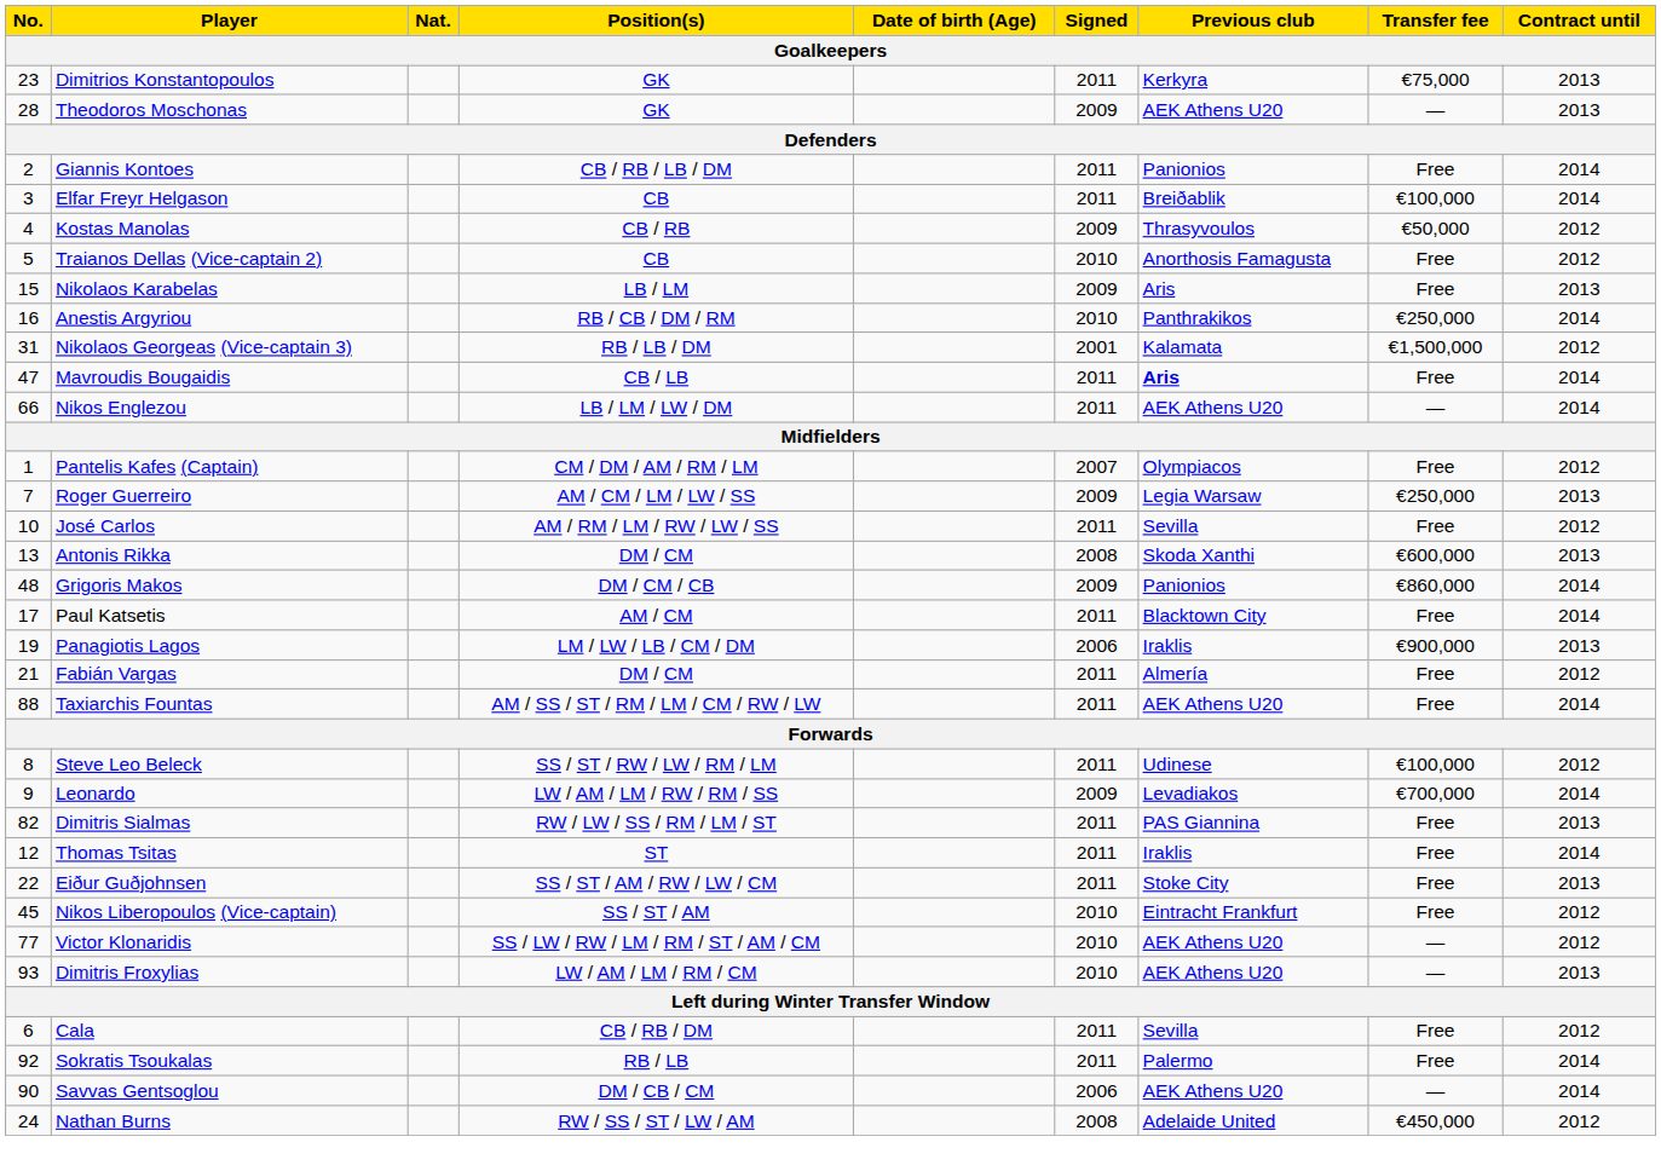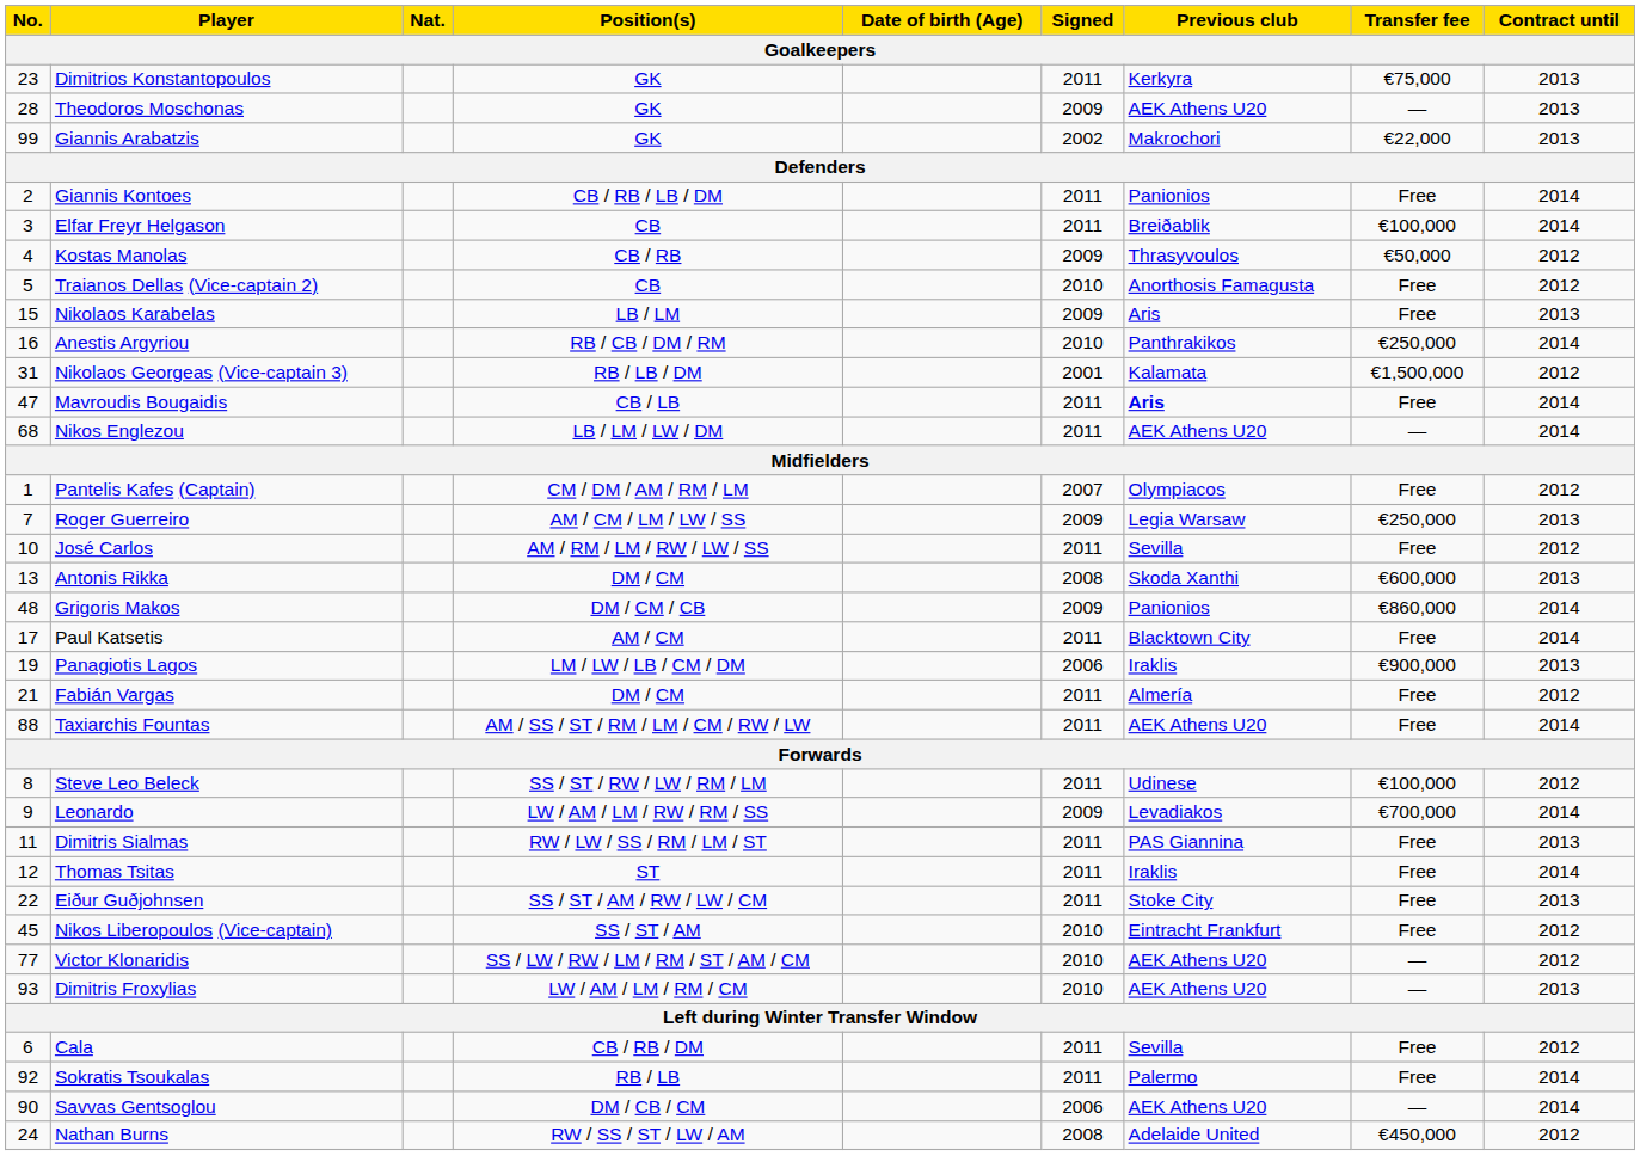 <table class="wikitable" style="text-align:center; font-size:90%; width:100%">
 <tr>
 <th style="background:#FFDE00">No.</th>
 <th style="background:#FFDE00">Player</th>
 <th style="background:#FFDE00">Nat.</th>
 <th style="background:#FFDE00">Position(s)</th>
 <th style="background:#FFDE00">Date of birth (Age)</th>
 <th style="background:#FFDE00">Signed</th>
 <th style="background:#FFDE00">Previous club</th>
 <th style="background:#FFDE00">Transfer fee</th>
 <th style="background:#FFDE00">Contract until</th>
 </tr>
 <tr>
 <th colspan="9">Goalkeepers</th>
 </tr>
 <tr>
 <td>23</td>
 <td align=left><a href='#'>Dimitrios Konstantopoulos</a></td>
 <td></td>
 <td><a href='#'>GK</a></td>
 <td></td>
 <td>2011</td>
 <td align=left> <a href='#'>Kerkyra</a></td>
 <td>€75,000</td>
 <td>2013</td>
 </tr>
 <tr>
 <td>28</td>
 <td align=left><a href='#'>Theodoros Moschonas</a></td>
 <td></td>
 <td><a href='#'>GK</a></td>
 <td></td>
 <td>2009</td>
 <td align=left> <a href='#'>AEK Athens U20</a></td>
 <td>—</td>
+<td>2013</td>
+</tr>
+<tr>
+<td>99</td>
+<td align=left><a href='#'>Giannis Arabatzis</a></td>
+<td></td>
+<td><a href='#'>GK</a></td>
+<td></td>
+<td>2002</td>
+<td align=left> <a href='#'>Makrochori</a></td>
+<td>€22,000</td>
 <td>2013</td>
 </tr>
 <tr>
 <th colspan="9">Defenders</th>
 </tr>
 <tr>
 <td>2</td>
 <td align=left><a href='#'>Giannis Kontoes</a></td>
 <td></td>
 <td><a href='#'>CB</a> / <a href='#'>RB</a> / <a href='#'>LB</a> / <a href='#'>DM</a></td>
 <td></td>
 <td>2011</td>
 <td align=left> <a href='#'>Panionios</a></td>
 <td>Free</td>
 <td>2014</td>
 </tr>
 <tr>
 <td>3</td>
 <td align=left><a href='#'>Elfar Freyr Helgason</a></td>
 <td></td>
 <td><a href='#'>CB</a></td>
 <td></td>
 <td>2011</td>
 <td align=left> <a href='#'>Breiðablik</a></td>
 <td>€100,000</td>
 <td>2014</td>
 </tr>
 <tr>
 <td>4</td>
 <td align=left><a href='#'>Kostas Manolas</a></td>
 <td></td>
 <td><a href='#'>CB</a> / <a href='#'>RB</a></td>
 <td></td>
 <td>2009</td>
 <td align=left> <a href='#'>Thrasyvoulos</a></td>
 <td>€50,000</td>
 <td>2012</td>
 </tr>
 <tr>
 <td>5</td>
 <td align=left><a href='#'>Traianos Dellas</a> <a href='#'>(Vice-captain 2)</a></td>
 <td></td>
 <td><a href='#'>CB</a></td>
 <td></td>
 <td>2010</td>
 <td align=left> <a href='#'>Anorthosis Famagusta</a></td>
 <td>Free</td>
 <td>2012</td>
 </tr>
 <tr>
 <td>15</td>
 <td align=left><a href='#'>Nikolaos Karabelas</a></td>
 <td></td>
 <td><a href='#'>LB</a> / <a href='#'>LM</a></td>
 <td></td>
 <td>2009</td>
 <td align=left> <a href='#'>Aris</a></td>
 <td>Free</td>
 <td>2013</td>
 </tr>
 <tr>
 <td>16</td>
 <td align=left><a href='#'>Anestis Argyriou</a></td>
 <td></td>
 <td><a href='#'>RB</a> / <a href='#'>CB</a> / <a href='#'>DM</a> / <a href='#'>RM</a></td>
 <td></td>
 <td>2010</td>
 <td align=left> <a href='#'>Panthrakikos</a></td>
 <td>€250,000</td>
 <td>2014</td>
 </tr>
 <tr>
 <td>31</td>
 <td align=left><a href='#'>Nikolaos Georgeas</a> <a href='#'>(Vice-captain 3)</a></td>
 <td></td>
 <td><a href='#'>RB</a> / <a href='#'>LB</a> / <a href='#'>DM</a></td>
 <td></td>
 <td>2001</td>
 <td align=left> <a href='#'>Kalamata</a></td>
 <td>€1,500,000</td>
 <td>2012</td>
 </tr>
 <tr>
 <td>47</td>
 <td align=left><a href='#'>Mavroudis Bougaidis</a></td>
 <td></td>
 <td><a href='#'>CB</a> / <a href='#'>LB</a></td>
 <td></td>
 <td>2011</td>
 <td align=left><strong> <a href='#'>Aris</a></strong></td>
 <td>Free</td>
 <td>2014</td>
 </tr>
 <tr>
-<td>66</td>
+<td>68</td>
 <td align=left><a href='#'>Nikos Englezou</a></td>
 <td></td>
 <td><a href='#'>LB</a> / <a href='#'>LM</a> / <a href='#'>LW</a> / <a href='#'>DM</a></td>
 <td></td>
 <td>2011</td>
 <td align=left> <a href='#'>AEK Athens U20</a></td>
 <td>—</td>
 <td>2014</td>
 </tr>
 <tr>
 <th colspan="9">Midfielders</th>
 </tr>
 <tr>
 <td>1</td>
 <td align=left><a href='#'>Pantelis Kafes</a> <a href='#'>(Captain)</a></td>
 <td></td>
 <td><a href='#'>CM</a> / <a href='#'>DM</a> / <a href='#'>AM</a> / <a href='#'>RM</a> / <a href='#'>LM</a></td>
 <td></td>
 <td>2007</td>
 <td align=left> <a href='#'>Olympiacos</a></td>
 <td>Free</td>
 <td>2012</td>
 </tr>
 <tr>
 <td>7</td>
 <td align=left><a href='#'>Roger Guerreiro</a></td>
 <td></td>
 <td><a href='#'>AM</a> / <a href='#'>CM</a> / <a href='#'>LM</a> / <a href='#'>LW</a> / <a href='#'>SS</a></td>
 <td></td>
 <td>2009</td>
 <td align=left> <a href='#'>Legia Warsaw</a></td>
 <td>€250,000</td>
 <td>2013</td>
 </tr>
 <tr>
 <td>10</td>
 <td align=left><a href='#'>José Carlos</a></td>
 <td></td>
 <td><a href='#'>AM</a> / <a href='#'>RM</a> / <a href='#'>LM</a> / <a href='#'>RW</a> / <a href='#'>LW</a> / <a href='#'>SS</a></td>
 <td></td>
 <td>2011</td>
 <td align=left> <a href='#'>Sevilla</a></td>
 <td>Free</td>
 <td>2012</td>
 </tr>
 <tr>
 <td>13</td>
 <td align=left><a href='#'>Antonis Rikka</a></td>
 <td></td>
 <td><a href='#'>DM</a> / <a href='#'>CM</a></td>
 <td></td>
 <td>2008</td>
 <td align=left> <a href='#'>Skoda Xanthi</a></td>
 <td>€600,000</td>
 <td>2013</td>
 </tr>
 <tr>
 <td>48</td>
 <td align=left><a href='#'>Grigoris Makos</a></td>
 <td></td>
 <td><a href='#'>DM</a> / <a href='#'>CM</a> / <a href='#'>CB</a></td>
 <td></td>
 <td>2009</td>
 <td align=left> <a href='#'>Panionios</a></td>
 <td>€860,000</td>
 <td>2014</td>
 </tr>
 <tr>
 <td>17</td>
 <td align=left>Paul Katsetis</td>
 <td></td>
 <td><a href='#'>AM</a> / <a href='#'>CM</a></td>
 <td></td>
 <td>2011</td>
 <td align=left> <a href='#'>Blacktown City</a></td>
 <td>Free</td>
 <td>2014</td>
 </tr>
 <tr>
 <td>19</td>
 <td align=left><a href='#'>Panagiotis Lagos</a></td>
 <td></td>
 <td><a href='#'>LM</a> / <a href='#'>LW</a> / <a href='#'>LB</a> / <a href='#'>CM</a> / <a href='#'>DM</a></td>
 <td></td>
 <td>2006</td>
 <td align=left> <a href='#'>Iraklis</a></td>
 <td>€900,000</td>
 <td>2013</td>
 </tr>
 <tr>
 <td>21</td>
 <td align=left><a href='#'>Fabián Vargas</a></td>
 <td></td>
 <td><a href='#'>DM</a> / <a href='#'>CM</a></td>
 <td></td>
 <td>2011</td>
 <td align=left> <a href='#'>Almería</a></td>
 <td>Free</td>
 <td>2012</td>
 </tr>
 <tr>
 <td>88</td>
 <td align=left><a href='#'>Taxiarchis Fountas</a></td>
 <td></td>
 <td><a href='#'>AM</a> / <a href='#'>SS</a> / <a href='#'>ST</a> / <a href='#'>RM</a> / <a href='#'>LM</a> / <a href='#'>CM</a> / <a href='#'>RW</a> / <a href='#'>LW</a></td>
 <td></td>
 <td>2011</td>
 <td align=left> <a href='#'>AEK Athens U20</a></td>
 <td>Free</td>
 <td>2014</td>
 </tr>
 <tr>
 <th colspan="9">Forwards</th>
 </tr>
 <tr>
 <td>8</td>
 <td align=left><a href='#'>Steve Leo Beleck</a></td>
 <td></td>
 <td><a href='#'>SS</a> / <a href='#'>ST</a> / <a href='#'>RW</a> / <a href='#'>LW</a> / <a href='#'>RM</a> / <a href='#'>LM</a></td>
 <td></td>
 <td>2011</td>
 <td align=left> <a href='#'>Udinese</a></td>
 <td>€100,000</td>
 <td>2012</td>
 </tr>
 <tr>
 <td>9</td>
 <td align=left><a href='#'>Leonardo</a></td>
 <td></td>
 <td><a href='#'>LW</a> / <a href='#'>AM</a> / <a href='#'>LM</a> / <a href='#'>RW</a> / <a href='#'>RM</a> / <a href='#'>SS</a></td>
 <td></td>
 <td>2009</td>
 <td align=left> <a href='#'>Levadiakos</a></td>
 <td>€700,000</td>
 <td>2014</td>
 </tr>
 <tr>
-<td>82</td>
+<td>11</td>
 <td align=left><a href='#'>Dimitris Sialmas</a></td>
 <td></td>
 <td><a href='#'>RW</a> / <a href='#'>LW</a> / <a href='#'>SS</a> / <a href='#'>RM</a> / <a href='#'>LM</a> / <a href='#'>ST</a></td>
 <td></td>
 <td>2011</td>
 <td align=left> <a href='#'>PAS Giannina</a></td>
 <td>Free</td>
 <td>2013</td>
 </tr>
 <tr>
 <td>12</td>
 <td align=left><a href='#'>Thomas Tsitas</a></td>
 <td></td>
 <td><a href='#'>ST</a></td>
 <td></td>
 <td>2011</td>
 <td align=left> <a href='#'>Iraklis</a></td>
 <td>Free</td>
 <td>2014</td>
 </tr>
 <tr>
 <td>22</td>
 <td align=left><a href='#'>Eiður Guðjohnsen</a></td>
 <td></td>
 <td><a href='#'>SS</a> / <a href='#'>ST</a> / <a href='#'>AM</a> / <a href='#'>RW</a> / <a href='#'>LW</a> / <a href='#'>CM</a></td>
 <td></td>
 <td>2011</td>
 <td align=left> <a href='#'>Stoke City</a></td>
 <td>Free</td>
 <td>2013</td>
 </tr>
 <tr>
 <td>45</td>
 <td align=left><a href='#'>Nikos Liberopoulos</a> <a href='#'>(Vice-captain)</a></td>
 <td></td>
 <td><a href='#'>SS</a> / <a href='#'>ST</a> / <a href='#'>AM</a></td>
 <td></td>
 <td>2010</td>
 <td align=left> <a href='#'>Eintracht Frankfurt</a></td>
 <td>Free</td>
 <td>2012</td>
 </tr>
 <tr>
 <td>77</td>
 <td align=left><a href='#'>Victor Klonaridis</a></td>
 <td></td>
 <td><a href='#'>SS</a> / <a href='#'>LW</a> / <a href='#'>RW</a> / <a href='#'>LM</a> / <a href='#'>RM</a> / <a href='#'>ST</a> / <a href='#'>AM</a> / <a href='#'>CM</a></td>
 <td></td>
 <td>2010</td>
 <td align=left> <a href='#'>AEK Athens U20</a></td>
 <td>—</td>
 <td>2012</td>
 </tr>
 <tr>
 <td>93</td>
 <td align=left><a href='#'>Dimitris Froxylias</a></td>
 <td></td>
 <td><a href='#'>LW</a> / <a href='#'>AM</a> / <a href='#'>LM</a> / <a href='#'>RM</a> / <a href='#'>CM</a></td>
 <td></td>
 <td>2010</td>
 <td align=left> <a href='#'>AEK Athens U20</a></td>
 <td>—</td>
 <td>2013</td>
 </tr>
 <tr>
 <th colspan="9">Left during Winter Transfer Window</th>
 </tr>
 <tr>
 <td>6</td>
 <td align=left><a href='#'>Cala</a></td>
 <td></td>
 <td><a href='#'>CB</a> / <a href='#'>RB</a> / <a href='#'>DM</a></td>
 <td></td>
 <td>2011</td>
 <td align=left> <a href='#'>Sevilla</a></td>
 <td>Free</td>
 <td>2012</td>
 </tr>
 <tr>
 <td>92</td>
 <td align=left><a href='#'>Sokratis Tsoukalas</a></td>
 <td></td>
 <td><a href='#'>RB</a> / <a href='#'>LB</a></td>
 <td></td>
 <td>2011</td>
 <td align=left> <a href='#'>Palermo</a></td>
 <td>Free</td>
 <td>2014</td>
 </tr>
 <tr>
 <td>90</td>
 <td align=left><a href='#'>Savvas Gentsoglou</a></td>
 <td></td>
 <td><a href='#'>DM</a> / <a href='#'>CB</a> / <a href='#'>CM</a></td>
 <td></td>
 <td>2006</td>
 <td align=left> <a href='#'>AEK Athens U20</a></td>
 <td>—</td>
 <td>2014</td>
 </tr>
 <tr>
 <td>24</td>
 <td align=left><a href='#'>Nathan Burns</a></td>
 <td></td>
 <td><a href='#'>RW</a> / <a href='#'>SS</a> / <a href='#'>ST</a> / <a href='#'>LW</a> / <a href='#'>AM</a></td>
 <td></td>
 <td>2008</td>
 <td align=left> <a href='#'>Adelaide United</a></td>
 <td>€450,000</td>
 <td>2012</td>
 </tr>
 </table>
